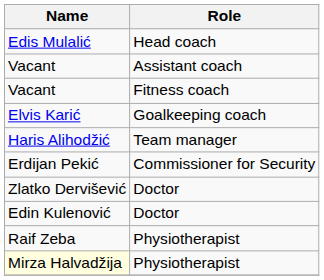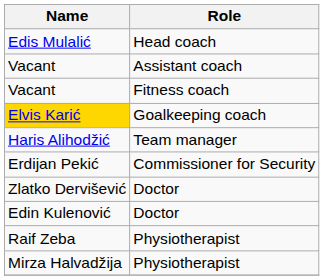 <table class="wikitable">
 <tr>
 <th>Name</th>
 <th>Role</th>
 </tr>
 <tr>
 <td> <a href='#'>Edis Mulalić</a></td>
 <td>Head coach</td>
 </tr>
 <tr>
 <td> Vacant</td>
 <td>Assistant coach</td>
 </tr>
 <tr>
 <td> Vacant</td>
 <td>Fitness coach</td>
 </tr>
 <tr>
-<td> <a href='#'>Elvis Karić</a></td>
+<td style="background: gold;"> <a href='#'>Elvis Karić</a></td>
 <td>Goalkeeping coach</td>
 </tr>
 <tr>
 <td> <a href='#'>Haris Alihodžić</a></td>
 <td>Team manager</td>
 </tr>
 <tr>
 <td> Erdijan Pekić</td>
 <td>Commissioner for Security</td>
 </tr>
 <tr>
 <td> Zlatko Dervišević</td>
 <td>Doctor</td>
 </tr>
 <tr>
 <td> Edin Kulenović</td>
 <td>Doctor</td>
 </tr>
 <tr>
 <td> Raif Zeba</td>
 <td>Physiotherapist</td>
 </tr>
 <tr>
-<td style="background: lightyellow;"> Mirza Halvadžija</td>
+<td> Mirza Halvadžija</td>
 <td>Physiotherapist</td>
 </tr>
 <tr>
 </tr>
 </table>
